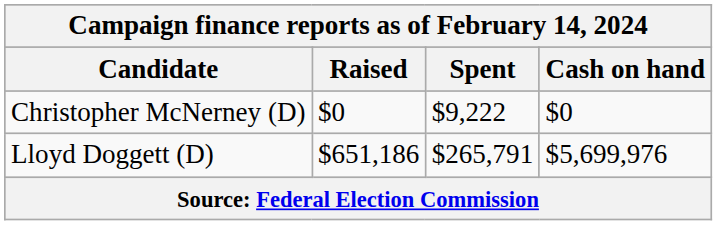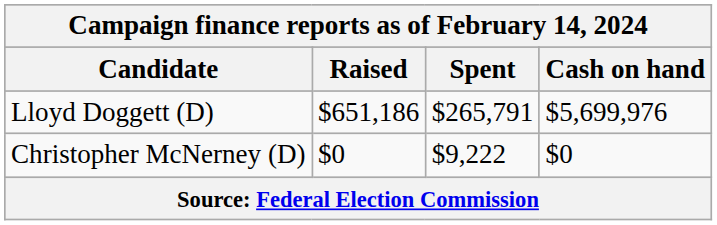 <table class="wikitable sortable">
 <tr>
 <th colspan=4>Campaign finance reports as of February 14, 2024</th>
 </tr>
 <tr style="text-align:center;">
 <th>Candidate</th>
 <th>Raised</th>
 <th>Spent</th>
 <th>Cash on hand</th>
 </tr>
 <tr>
+<td style="color:black;background-color:">Lloyd Doggett (D)</td>
+<td>$651,186</td>
+<td>$265,791</td>
+<td>$5,699,976</td>
+</tr>
+<tr>
 <td style="color:black;background-color:">Christopher McNerney (D)</td>
 <td>$0</td>
 <td>$9,222</td>
 <td>$0</td>
 </tr>
 <tr>
-<td style="color:black;background-color:">Lloyd Doggett (D)</td>
-<td>$651,186</td>
-<td>$265,791</td>
-<td>$5,699,976</td>
-</tr>
-<tr>
 <th colspan="4"><small>Source: <a href='#'>Federal Election Commission</a></small></th>
 </tr>
 </table>
